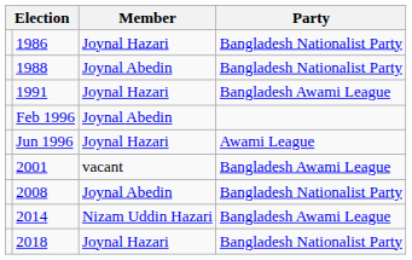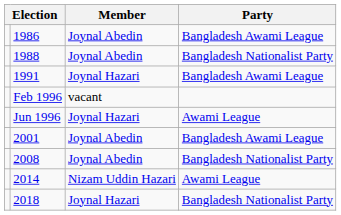 <table class="wikitable">
 <tr>
 <th colspan="2">Election</th>
 <th>Member</th>
 <th>Party</th>
 </tr>
 <tr>
 <td style="background-color:"></td>
 <td><a href='#'>1986</a></td>
-<td><a href='#'>Joynal Hazari</a></td>
-<td><a href='#'>Bangladesh Nationalist Party</a></td>
+<td><a href='#'>Joynal Abedin</a></td>
+<td><a href='#'>Bangladesh Awami League</a></td>
 </tr>
 <tr>
 <td style="background-color:"></td>
 <td><a href='#'>1988</a></td>
 <td><a href='#'>Joynal Abedin</a></td>
 <td><a href='#'>Bangladesh Nationalist Party</a></td>
 </tr>
 <tr>
 <td style="background-color:"></td>
 <td><a href='#'>1991</a></td>
 <td><a href='#'>Joynal Hazari</a></td>
 <td><a href='#'>Bangladesh Awami League</a></td>
 </tr>
 <tr>
 <td></td>
 <td><a href='#'>Feb 1996</a></td>
-<td><a href='#'>Joynal Abedin</a></td>
+<td>vacant</td>
 <td></td>
 </tr>
 <tr>
 <td style="background-color:"></td>
 <td><a href='#'>Jun 1996</a></td>
 <td><a href='#'>Joynal Hazari</a></td>
 <td><a href='#'>Awami League</a></td>
 </tr>
 <tr>
 <td style="background-color:"></td>
 <td><a href='#'>2001</a></td>
-<td>vacant</td>
+<td><a href='#'>Joynal Abedin</a></td>
 <td><a href='#'>Bangladesh Awami League</a></td>
 </tr>
 <tr>
 <td style="background-color:"></td>
 <td><a href='#'>2008</a></td>
 <td><a href='#'>Joynal Abedin</a></td>
 <td><a href='#'>Bangladesh Nationalist Party</a></td>
 </tr>
 <tr>
 <td style="background-color:"></td>
 <td><a href='#'>2014</a></td>
 <td><a href='#'>Nizam Uddin Hazari</a></td>
-<td><a href='#'>Bangladesh Awami League</a></td>
+<td><a href='#'>Awami League</a></td>
 </tr>
 <tr>
 <td style="background-color:"></td>
 <td><a href='#'>2018</a></td>
 <td><a href='#'>Joynal Hazari</a></td>
 <td><a href='#'>Bangladesh Nationalist Party</a></td>
 </tr>
 </table>
